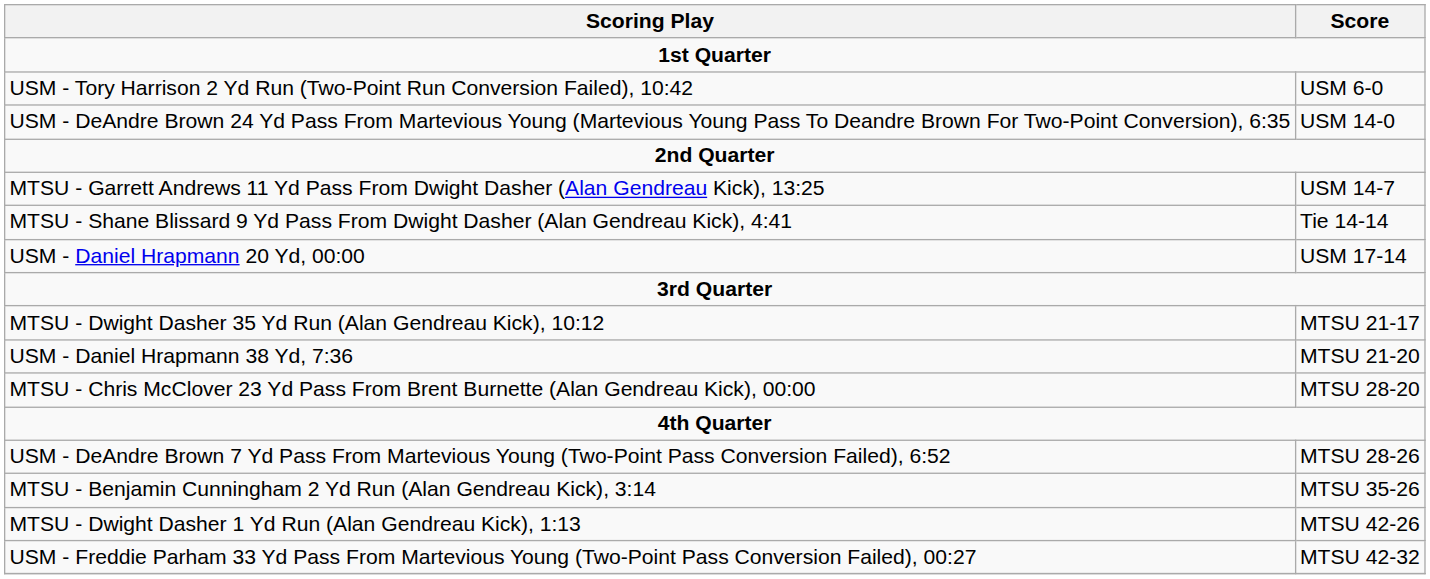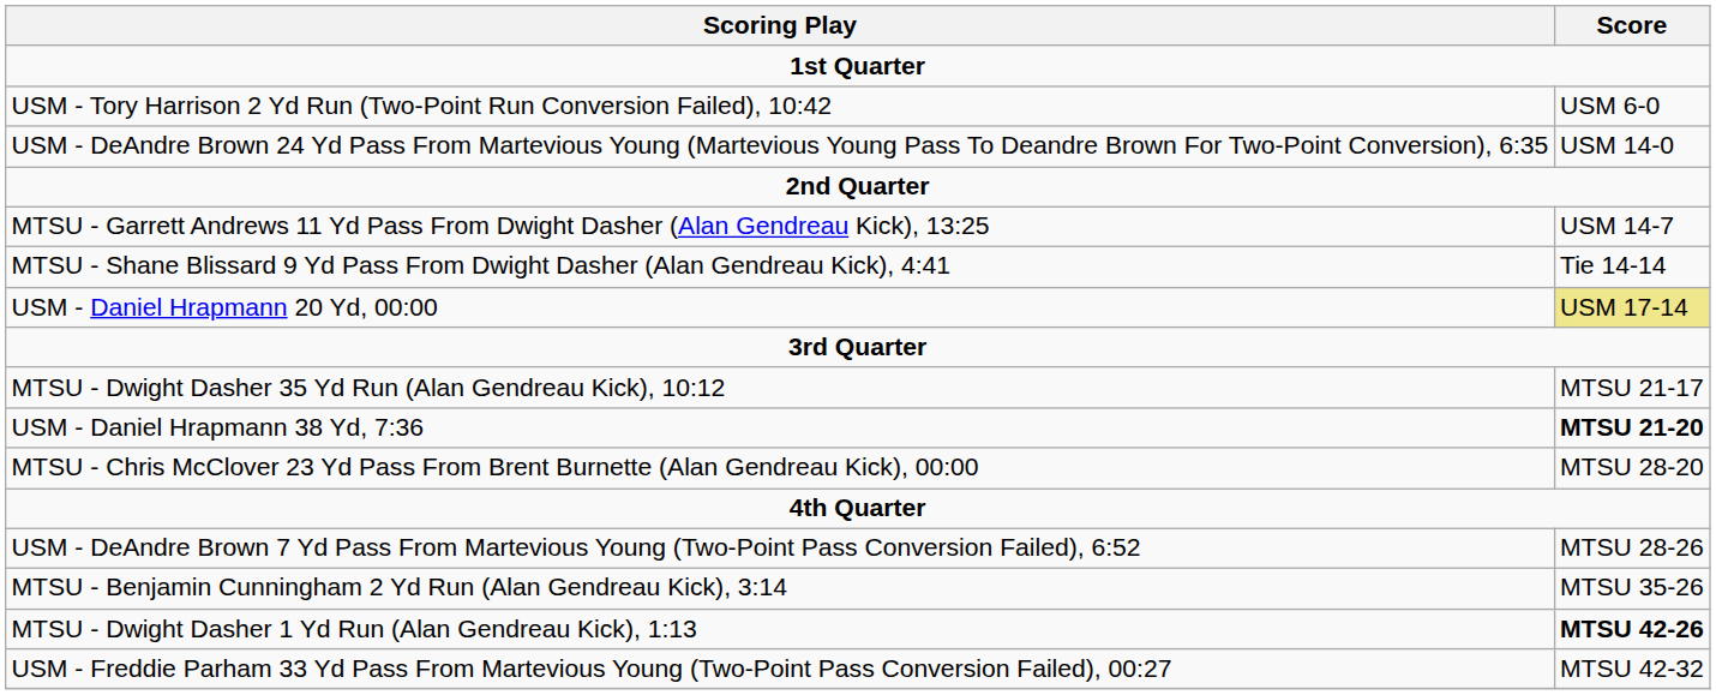 <table class="wikitable">
 <tr>
 <th>Scoring Play</th>
 <th>Score</th>
 </tr>
 <tr>
 <td colspan="4" align="center"><strong>1st Quarter</strong></td>
 </tr>
 <tr>
 <td>USM - Tory Harrison 2 Yd Run (Two-Point Run Conversion Failed), 10:42</td>
 <td>USM 6-0</td>
 </tr>
 <tr>
 <td>USM - DeAndre Brown 24 Yd Pass From Martevious Young (Martevious Young Pass To Deandre Brown For Two-Point Conversion), 6:35</td>
 <td>USM 14-0</td>
 </tr>
 <tr>
 <td colspan="4" align="center"><strong>2nd Quarter</strong></td>
 </tr>
 <tr>
 <td>MTSU - Garrett Andrews 11 Yd Pass From Dwight Dasher (<a href='#'>Alan Gendreau</a> Kick), 13:25</td>
 <td>USM 14-7</td>
 </tr>
 <tr>
 <td>MTSU - Shane Blissard 9 Yd Pass From Dwight Dasher (Alan Gendreau Kick), 4:41</td>
 <td>Tie 14-14</td>
 </tr>
 <tr>
 <td>USM - <a href='#'>Daniel Hrapmann</a> 20 Yd, 00:00</td>
-<td>USM 17-14</td>
+<td style="background: khaki;">USM 17-14</td>
 </tr>
 <tr>
 <td colspan="4" align="center"><strong>3rd Quarter</strong></td>
 </tr>
 <tr>
 <td>MTSU - Dwight Dasher 35 Yd Run (Alan Gendreau Kick), 10:12</td>
 <td>MTSU 21-17</td>
 </tr>
 <tr>
 <td>USM - Daniel Hrapmann 38 Yd, 7:36</td>
-<td>MTSU 21-20</td>
+<td><strong>MTSU 21-20</strong></td>
 </tr>
 <tr>
 <td>MTSU - Chris McClover 23 Yd Pass From Brent Burnette (Alan Gendreau Kick), 00:00</td>
 <td>MTSU 28-20</td>
 </tr>
 <tr>
 <td colspan="4" align="center"><strong>4th Quarter</strong></td>
 </tr>
 <tr>
 <td>USM - DeAndre Brown 7 Yd Pass From Martevious Young (Two-Point Pass Conversion Failed), 6:52</td>
 <td>MTSU 28-26</td>
 </tr>
 <tr>
 <td>MTSU - Benjamin Cunningham 2 Yd Run (Alan Gendreau Kick), 3:14</td>
 <td>MTSU 35-26</td>
 </tr>
 <tr>
 <td>MTSU - Dwight Dasher 1 Yd Run (Alan Gendreau Kick), 1:13</td>
-<td>MTSU 42-26</td>
+<td><strong>MTSU 42-26</strong></td>
 </tr>
 <tr>
 <td>USM - Freddie Parham 33 Yd Pass From Martevious Young (Two-Point Pass Conversion Failed), 00:27</td>
 <td>MTSU 42-32</td>
 </tr>
 <tr>
 </tr>
 </table>
